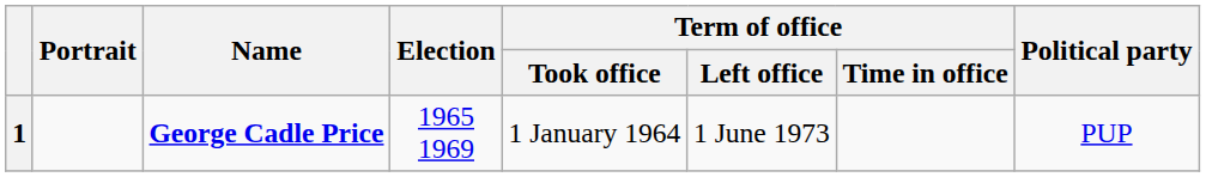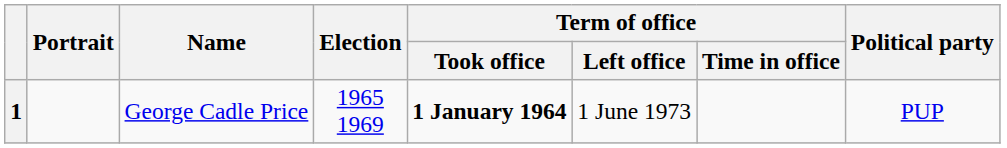 <table class=wikitable style=text-align:center>
 <tr>
 <th rowspan=2></th>
 <th rowspan=2>Portrait</th>
 <th rowspan=2>Name<br></th>
 <th rowspan=2>Election</th>
 <th colspan=3>Term of office</th>
 <th rowspan=2>Political party</th>
 </tr>
 <tr>
 <th>Took office</th>
 <th>Left office</th>
 <th>Time in office</th>
 </tr>
 <tr>
 <th style="background:">1</th>
 <td></td>
-<td><strong><a href='#'>George Cadle Price</a><br></strong></td>
+<td><a href='#'>George Cadle Price</a><br></td>
 <td><a href='#'>1965</a><br><a href='#'>1969</a></td>
-<td>1 January 1964</td>
+<td><strong>1 January 1964</strong></td>
 <td>1 June 1973</td>
 <td></td>
 <td><a href='#'>PUP</a></td>
 </tr>
 </table>
